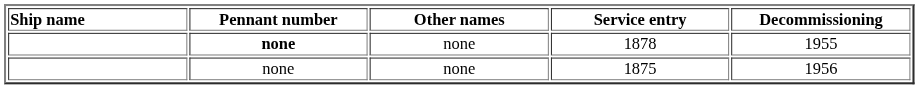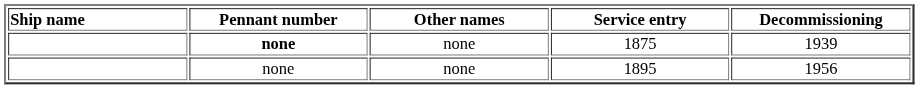 <table width="100%" border="2">
 <tr>
 <th width="16%" align="left">Ship name</th>
 <th width="16%" align="center">Pennant number</th>
 <th width="16%" align="center">Other names</th>
 <th width="16%" align="center">Service entry</th>
 <th width="16%" align="center">Decommissioning</th>
 </tr>
 <tr>
 <td align="center"></td>
 <td align="center"><strong>none</strong></td>
 <td align="center">none</td>
-<td align="center">1878</td>
-<td align="center">1955</td>
+<td align="center">1875</td>
+<td align="center">1939</td>
 </tr>
 <tr>
 <td align="center"></td>
 <td align="center">none</td>
 <td align="center">none</td>
-<td align="center">1875</td>
+<td align="center">1895</td>
 <td align="center">1956</td>
 </tr>
 </table>
